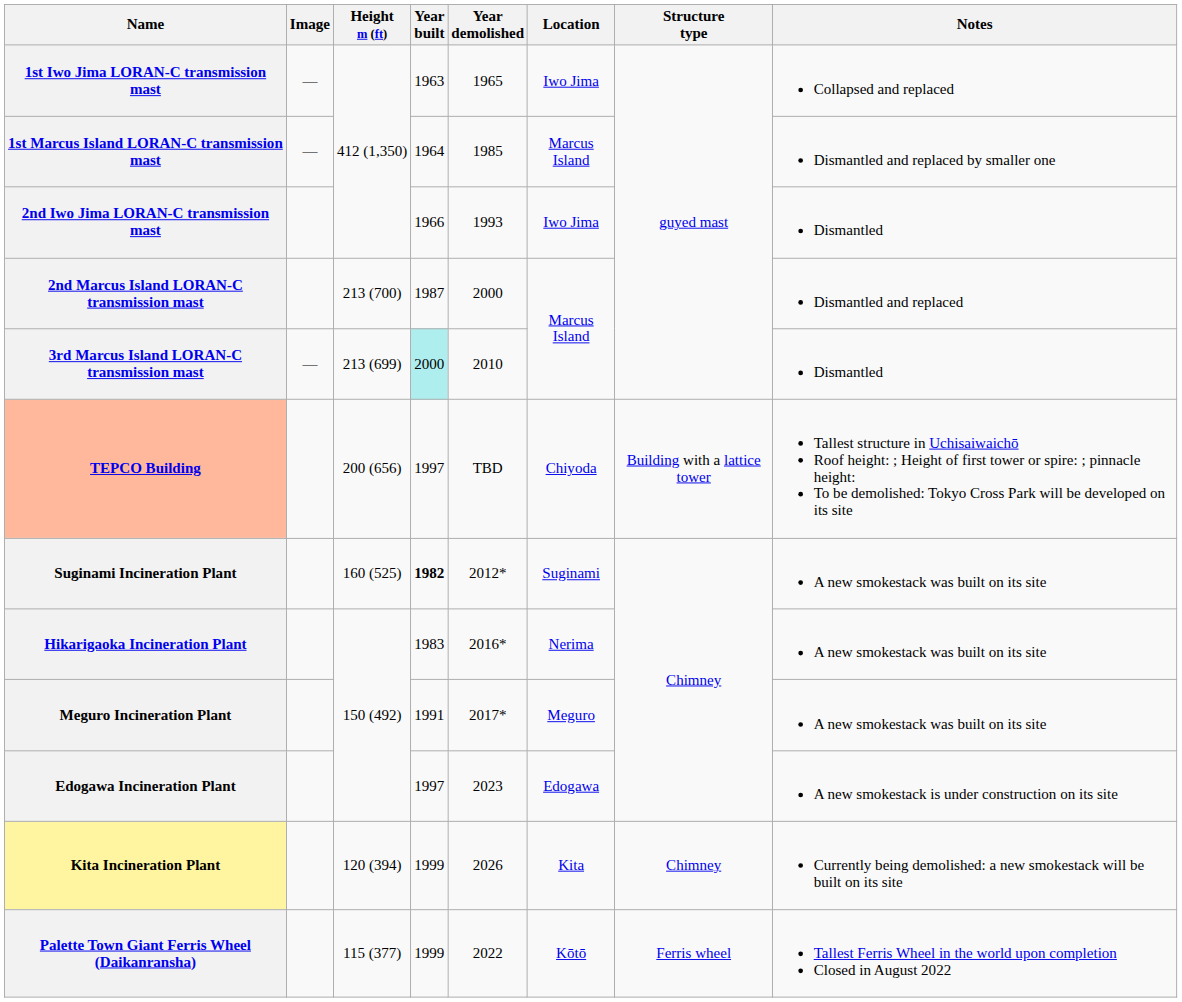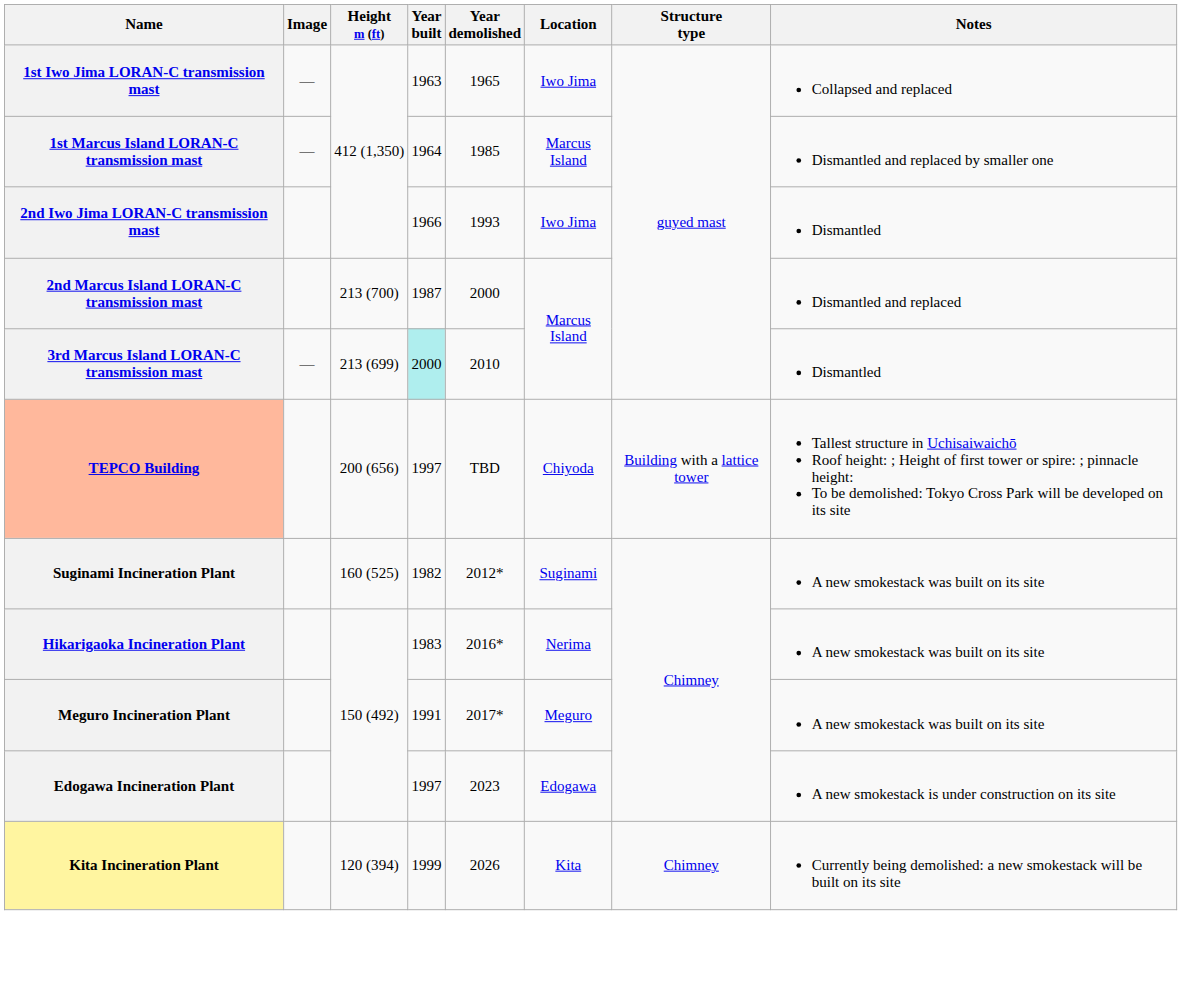 <table class="wikitable sortable plainrowheaders">
 <tr>
 <th scope="col">Name</th>
 <th scope="col" class="unsortable">Image</th>
 <th scope="col" width="75px">Height<br><small><a href='#'>m</a> (<a href='#'>ft</a>)</small></th>
 <th scope="col">Year<br>built</th>
 <th scope="col">Year<br>demolished</th>
 <th scope="col">Location</th>
 <th scope="col">Structure<br>type</th>
 <th scope="col">Notes</th>
 </tr>
 <tr>
 <th scope="row" style="text-align:center"><a href='#'>1st Iwo Jima LORAN-C transmission mast</a></th>
 <td align="center">—</td>
 <td rowspan="3" align="center">412 (1,350)</td>
 <td align="center">1963</td>
 <td align="center">1965</td>
 <td align="center"><a href='#'>Iwo Jima</a><br></td>
 <td rowspan="5" align="center"><a href='#'>guyed mast</a></td>
 <td><br><ul><li>Collapsed and replaced</li></ul></td>
 </tr>
 <tr>
 <th scope="row" style="text-align:center"><a href='#'>1st Marcus Island LORAN-C transmission mast</a></th>
 <td align="center">—</td>
 <td align="center">1964</td>
 <td align="center">1985</td>
 <td align="center"><a href='#'>Marcus Island</a><br></td>
 <td><br><ul><li>Dismantled and replaced by smaller one</li></ul></td>
 </tr>
 <tr>
 <th scope="row" style="text-align:center"><a href='#'>2nd Iwo Jima LORAN-C transmission mast</a></th>
 <td></td>
 <td align="center">1966</td>
 <td align="center">1993</td>
 <td align="center"><a href='#'>Iwo Jima</a><br></td>
 <td><br><ul><li>Dismantled</li></ul></td>
 </tr>
 <tr>
 <th scope="row" style="text-align:center"><a href='#'>2nd Marcus Island LORAN-C transmission mast</a></th>
 <td></td>
 <td align="center">213 (700)</td>
 <td align="center">1987</td>
 <td align="center">2000</td>
 <td align="center" rowspan="2"><a href='#'>Marcus Island</a><br></td>
 <td><br><ul><li>Dismantled and replaced</li></ul></td>
 </tr>
 <tr>
 <th scope="row" style="text-align:center"><a href='#'>3rd Marcus Island LORAN-C transmission mast</a></th>
 <td align="center">—</td>
 <td align="center">213 (699)</td>
 <td align="center" style="background: paleturquoise;">2000</td>
 <td align="center">2010</td>
 <td><br><ul><li>Dismantled</li></ul></td>
 </tr>
 <tr style>
 <th scope="row" style="text-align:center; background-color:#FFB89C;"><a href='#'>TEPCO Building</a></th>
 <td></td>
 <td align="center">200 (656)</td>
 <td align="center">1997</td>
 <td align="center">TBD</td>
 <td align="center"><a href='#'>Chiyoda</a><br></td>
 <td align="center"><a href='#'>Building</a> with a <a href='#'>lattice tower</a></td>
 <td><br><ul><li>Tallest structure in <a href='#'>Uchisaiwaichō</a></li><li>Roof height: ; Height of first tower or spire: ; pinnacle height: </li><li>To be demolished: Tokyo Cross Park will be developed on its site</li></ul></td>
 </tr>
 <tr>
 <th scope="row" style="text-align:center">Suginami Incineration Plant</th>
 <td></td>
 <td align="center">160 (525)</td>
-<td align="center"><strong>1982</strong></td>
+<td align="center">1982</td>
 <td align="center">2012*</td>
 <td align="center"><a href='#'>Suginami</a><br></td>
 <td rowspan="4" align="center"><a href='#'>Chimney</a></td>
 <td><br><ul><li>A new  smokestack was built on its site</li></ul></td>
 </tr>
 <tr>
 <th scope="row" style="text-align:center"><a href='#'>Hikarigaoka Incineration Plant</a></th>
 <td></td>
 <td align="center" rowspan="3">150 (492)</td>
 <td align="center">1983</td>
 <td align="center">2016*</td>
 <td align="center"><a href='#'>Nerima</a><br></td>
 <td><br><ul><li>A new  smokestack was built on its site</li></ul></td>
 </tr>
 <tr>
 <th scope="row" style="text-align:center">Meguro Incineration Plant</th>
 <td></td>
 <td align="center">1991</td>
 <td align="center">2017*</td>
 <td align="center"><a href='#'>Meguro</a><br></td>
 <td><br><ul><li>A new  smokestack was built on its site</li></ul></td>
 </tr>
 <tr>
 <th scope="row" style="text-align:center">Edogawa Incineration Plant</th>
 <td></td>
 <td align="center">1997</td>
 <td align="center">2023</td>
 <td align="center"><a href='#'>Edogawa</a><br></td>
 <td><br><ul><li>A new  smokestack is under construction on its site</li></ul></td>
 </tr>
 <tr style>
 <th scope="row" style="text-align:center; background-color:#FFF5A0;">Kita Incineration Plant</th>
 <td></td>
 <td align="center">120 (394)</td>
 <td align="center">1999</td>
 <td align="center">2026</td>
 <td align="center"><a href='#'>Kita</a><br></td>
 <td align="center"><a href='#'>Chimney</a></td>
 <td><br><ul><li>Currently being demolished: a new smokestack will be built on its site</li></ul></td>
 </tr>
-<tr>
-<th scope="row" style="text-align:center"><a href='#'>Palette Town Giant Ferris Wheel (Daikanransha)</a></th>
-<td></td>
-<td align="center">115 (377)</td>
-<td align="center">1999</td>
-<td align="center">2022</td>
-<td align="center"><a href='#'>Kōtō</a><br></td>
-<td align="center"><a href='#'>Ferris wheel</a></td>
-<td><br><ul><li><a href='#'>Tallest Ferris Wheel in the world upon completion</a></li><li>Closed in August 2022</li></ul></td>
-</tr>
 </table>
